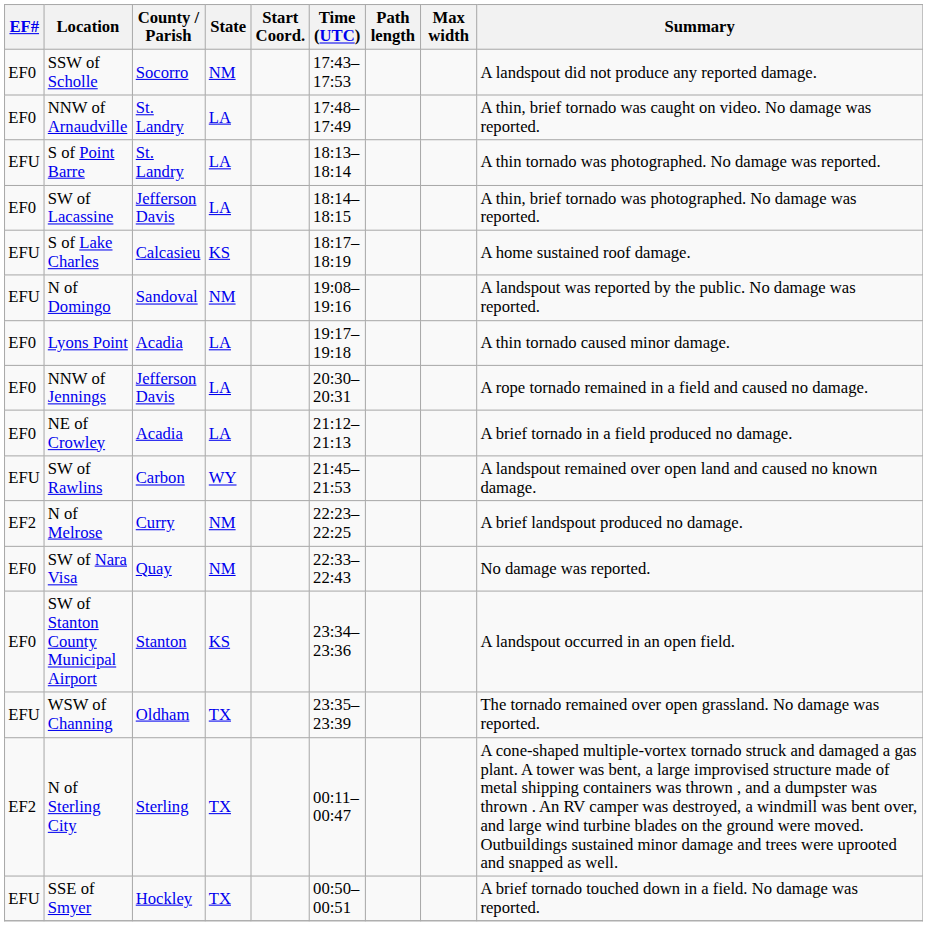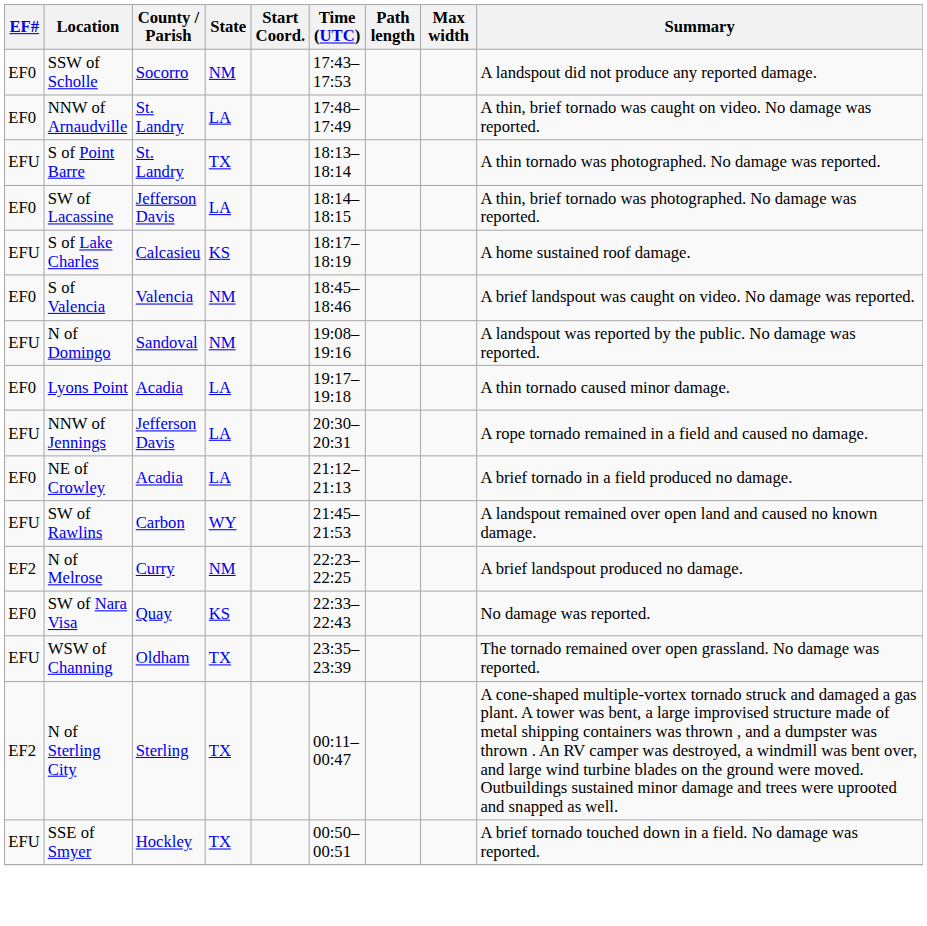 <table class="wikitable sortable" style="width:100%;">
 <tr>
 <th scope  style="width:3%; text-align:center;"><a href='#'>EF#</a></th>
 <th scope="col"  style="width:7%; text-align:center;" class="unsortable">Location</th>
 <th scope="col"  style="width:6%; text-align:center;" class="unsortable">County / Parish</th>
 <th scope="col"  style="width:5%; text-align:center;">State</th>
 <th scope="col"  style="width:6%; text-align:center;">Start Coord.</th>
 <th scope="col"  style="width:6%; text-align:center;">Time (<a href='#'>UTC</a>)</th>
 <th scope="col"  style="width:6%; text-align:center;">Path length</th>
 <th scope="col"  style="width:6%; text-align:center;">Max width</th>
 <th scope="col" class="unsortable" style="width:48%; text-align:center;">Summary</th>
 </tr>
 <tr>
 <td>EF0</td>
 <td>SSW of <a href='#'>Scholle</a></td>
 <td><a href='#'>Socorro</a></td>
 <td><a href='#'>NM</a></td>
 <td></td>
 <td>17:43–17:53</td>
 <td></td>
 <td></td>
 <td>A landspout did not produce any reported damage.</td>
 </tr>
 <tr>
 <td>EF0</td>
 <td>NNW of <a href='#'>Arnaudville</a></td>
 <td><a href='#'>St. Landry</a></td>
 <td><a href='#'>LA</a></td>
 <td></td>
 <td>17:48–17:49</td>
 <td></td>
 <td></td>
 <td>A thin, brief tornado was caught on video. No damage was reported.</td>
 </tr>
 <tr>
 <td>EFU</td>
 <td>S of <a href='#'>Point Barre</a></td>
 <td><a href='#'>St. Landry</a></td>
-<td><a href='#'>LA</a></td>
+<td><a href='#'>TX</a></td>
 <td></td>
 <td>18:13–18:14</td>
 <td></td>
 <td></td>
 <td>A thin tornado was photographed. No damage was reported.</td>
 </tr>
 <tr>
 <td>EF0</td>
 <td>SW of <a href='#'>Lacassine</a></td>
 <td><a href='#'>Jefferson Davis</a></td>
 <td><a href='#'>LA</a></td>
 <td></td>
 <td>18:14–18:15</td>
 <td></td>
 <td></td>
 <td>A thin, brief tornado was photographed. No damage was reported.</td>
 </tr>
 <tr>
 <td>EFU</td>
 <td>S of <a href='#'>Lake Charles</a></td>
 <td><a href='#'>Calcasieu</a></td>
 <td><a href='#'>KS</a></td>
 <td></td>
 <td>18:17–18:19</td>
 <td></td>
 <td></td>
 <td>A home sustained roof damage.</td>
 </tr>
 <tr>
+<td>EF0</td>
+<td>S of <a href='#'>Valencia</a></td>
+<td><a href='#'>Valencia</a></td>
+<td><a href='#'>NM</a></td>
+<td></td>
+<td>18:45–18:46</td>
+<td></td>
+<td></td>
+<td>A brief landspout was caught on video. No damage was reported.</td>
+</tr>
+<tr>
 <td>EFU</td>
 <td>N of <a href='#'>Domingo</a></td>
 <td><a href='#'>Sandoval</a></td>
 <td><a href='#'>NM</a></td>
 <td></td>
 <td>19:08–19:16</td>
 <td></td>
 <td></td>
 <td>A landspout was reported by the public. No damage was reported.</td>
 </tr>
 <tr>
 <td>EF0</td>
 <td><a href='#'>Lyons Point</a></td>
 <td><a href='#'>Acadia</a></td>
 <td><a href='#'>LA</a></td>
 <td></td>
 <td>19:17–19:18</td>
 <td></td>
 <td></td>
 <td>A thin tornado caused minor damage.</td>
 </tr>
 <tr>
-<td>EF0</td>
+<td>EFU</td>
 <td>NNW of <a href='#'>Jennings</a></td>
 <td><a href='#'>Jefferson Davis</a></td>
 <td><a href='#'>LA</a></td>
 <td></td>
 <td>20:30–20:31</td>
 <td></td>
 <td></td>
 <td>A rope tornado remained in a field and caused no damage.</td>
 </tr>
 <tr>
 <td>EF0</td>
 <td>NE of <a href='#'>Crowley</a></td>
 <td><a href='#'>Acadia</a></td>
 <td><a href='#'>LA</a></td>
 <td></td>
 <td>21:12–21:13</td>
 <td></td>
 <td></td>
 <td>A brief tornado in a field produced no damage.</td>
 </tr>
 <tr>
 <td>EFU</td>
 <td>SW of <a href='#'>Rawlins</a></td>
 <td><a href='#'>Carbon</a></td>
 <td><a href='#'>WY</a></td>
 <td></td>
 <td>21:45–21:53</td>
 <td></td>
 <td></td>
 <td>A landspout remained over open land and caused no known damage.</td>
 </tr>
 <tr>
 <td>EF2</td>
 <td>N of <a href='#'>Melrose</a></td>
 <td><a href='#'>Curry</a></td>
 <td><a href='#'>NM</a></td>
 <td></td>
 <td>22:23–22:25</td>
 <td></td>
 <td></td>
 <td>A brief landspout produced no damage.</td>
 </tr>
 <tr>
 <td>EF0</td>
 <td>SW of <a href='#'>Nara Visa</a></td>
 <td><a href='#'>Quay</a></td>
-<td><a href='#'>NM</a></td>
+<td><a href='#'>KS</a></td>
 <td></td>
 <td>22:33–22:43</td>
 <td></td>
 <td></td>
 <td>No damage was reported.</td>
-</tr>
-<tr>
-<td>EF0</td>
-<td>SW of <a href='#'>Stanton County Municipal Airport</a></td>
-<td><a href='#'>Stanton</a></td>
-<td><a href='#'>KS</a></td>
-<td></td>
-<td>23:34–23:36</td>
-<td></td>
-<td></td>
-<td>A landspout occurred in an open field.</td>
 </tr>
 <tr>
 <td>EFU</td>
 <td>WSW of <a href='#'>Channing</a></td>
 <td><a href='#'>Oldham</a></td>
 <td><a href='#'>TX</a></td>
 <td></td>
 <td>23:35–23:39</td>
 <td></td>
 <td></td>
 <td>The tornado remained over open grassland. No damage was reported.</td>
 </tr>
 <tr>
 <td>EF2</td>
 <td>N of <a href='#'>Sterling City</a></td>
 <td><a href='#'>Sterling</a></td>
 <td><a href='#'>TX</a></td>
 <td></td>
 <td>00:11–00:47</td>
 <td></td>
 <td></td>
 <td>A cone-shaped multiple-vortex tornado struck and damaged a gas plant. A tower was bent, a large improvised structure made of metal shipping containers was thrown , and a dumpster was thrown . An RV camper was destroyed, a windmill was bent over, and large wind turbine blades on the ground were moved. Outbuildings sustained minor damage and trees were uprooted and snapped as well.</td>
 </tr>
 <tr>
 <td>EFU</td>
 <td>SSE of <a href='#'>Smyer</a></td>
 <td><a href='#'>Hockley</a></td>
 <td><a href='#'>TX</a></td>
 <td></td>
 <td>00:50–00:51</td>
 <td></td>
 <td></td>
 <td>A brief tornado touched down in a field. No damage was reported.</td>
 </tr>
 <tr>
 </tr>
 </table>
